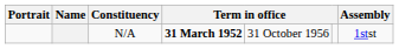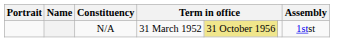 <table class="wikitable" style="text-align:center">
 <tr align="center">
 <th scope="col">Portrait</th>
 <th scope="col">Name</th>
 <th scope="col">Constituency</th>
 <th colspan="3" scope="colgroup">Term in office</th>
 <th>Assembly</th>
 </tr>
 <tr align="center">
 <td></td>
 <th scope="row"></th>
 <td>N/A</td>
-<td><strong>31 March 1952</strong></td>
-<td>31 October 1956</td>
+<td>31 March 1952</td>
+<td style="background: khaki;">31 October 1956</td>
 <td></td>
 <td><a href='#'>1st</a>st</td>
 </tr>
 </table>
